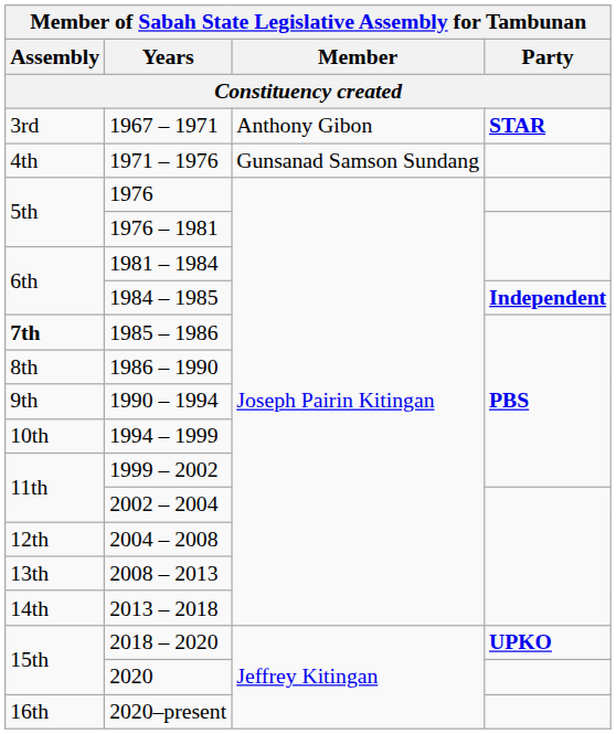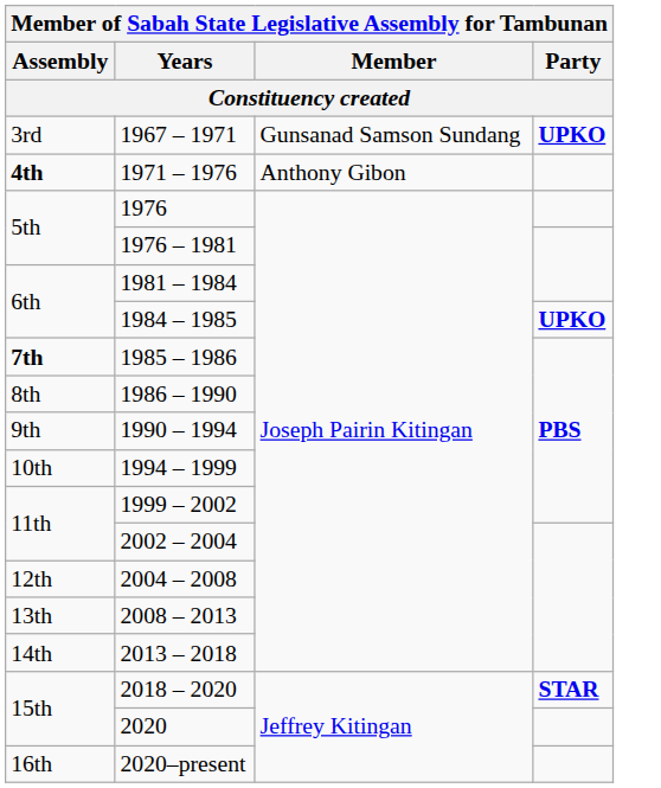 <table class="wikitable">
 <tr>
 <th colspan="4">Member of <a href='#'>Sabah State Legislative Assembly</a> for Tambunan</th>
 </tr>
 <tr>
 <th>Assembly</th>
 <th>Years</th>
 <th>Member</th>
 <th>Party</th>
 </tr>
 <tr>
 <th colspan="4" align="center"><em>Constituency created</em></th>
 </tr>
 <tr>
 <td>3rd</td>
 <td>1967 – 1971</td>
-<td>Anthony Gibon</td>
-<td><strong><a href='#'>STAR</a></strong></td>
+<td>Gunsanad Samson Sundang</td>
+<td><strong><a href='#'>UPKO</a></strong></td>
 </tr>
 <tr>
-<td>4th</td>
+<td><strong>4th</strong></td>
 <td>1971 – 1976</td>
-<td>Gunsanad Samson Sundang</td>
+<td>Anthony Gibon</td>
 <td></td>
 </tr>
 <tr>
 <td rowspan="2">5th</td>
 <td>1976</td>
 <td rowspan="13"><a href='#'>Joseph Pairin Kitingan</a></td>
 <td></td>
 </tr>
 <tr>
 <td>1976 – 1981</td>
 <td rowspan="2"></td>
 </tr>
 <tr>
 <td rowspan="2">6th</td>
 <td>1981 – 1984</td>
 </tr>
 <tr>
 <td>1984 – 1985</td>
-<td><strong><a href='#'>Independent</a></strong></td>
+<td><strong><a href='#'>UPKO</a></strong></td>
 </tr>
 <tr>
 <td><strong>7th</strong></td>
 <td>1985 – 1986</td>
 <td rowspan="5"><strong><a href='#'>PBS</a></strong></td>
 </tr>
 <tr>
 <td>8th</td>
 <td>1986 – 1990</td>
 </tr>
 <tr>
 <td>9th</td>
 <td>1990 – 1994</td>
 </tr>
 <tr>
 <td>10th</td>
 <td>1994 – 1999</td>
 </tr>
 <tr>
 <td rowspan="2">11th</td>
 <td>1999 – 2002</td>
 </tr>
 <tr>
 <td>2002 – 2004</td>
 <td rowspan="4"></td>
 </tr>
 <tr>
 <td>12th</td>
 <td>2004 – 2008</td>
 </tr>
 <tr>
 <td>13th</td>
 <td>2008 – 2013</td>
 </tr>
 <tr>
 <td>14th</td>
 <td>2013 – 2018</td>
 </tr>
 <tr>
 <td rowspan="2">15th</td>
 <td>2018 – 2020</td>
 <td rowspan="4"><a href='#'>Jeffrey Kitingan</a></td>
-<td><strong><a href='#'>UPKO</a></strong></td>
+<td><strong><a href='#'>STAR</a></strong></td>
 </tr>
 <tr>
 <td>2020</td>
 <td></td>
 </tr>
 <tr>
 <td>16th</td>
 <td>2020–present</td>
 <td></td>
 </tr>
 </table>
